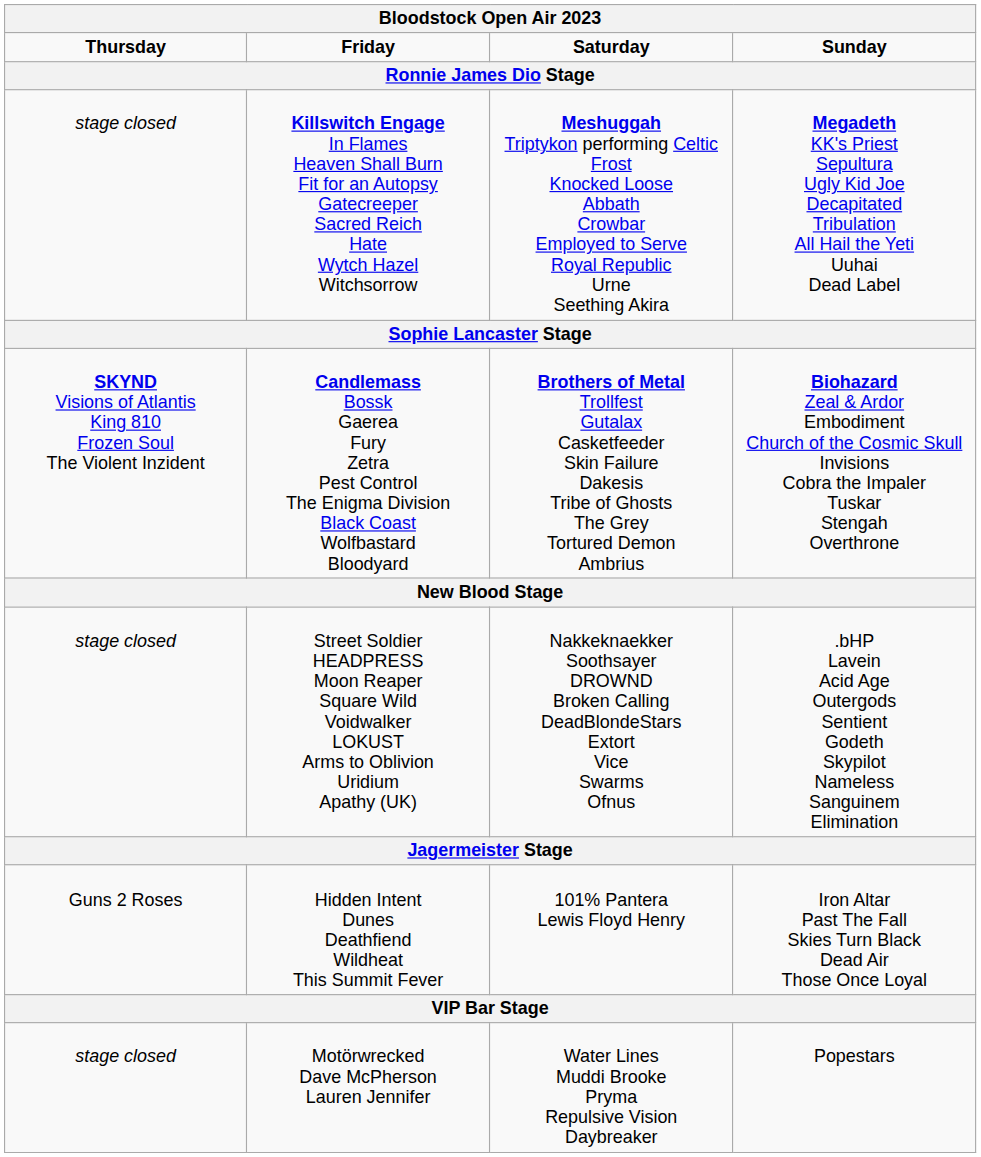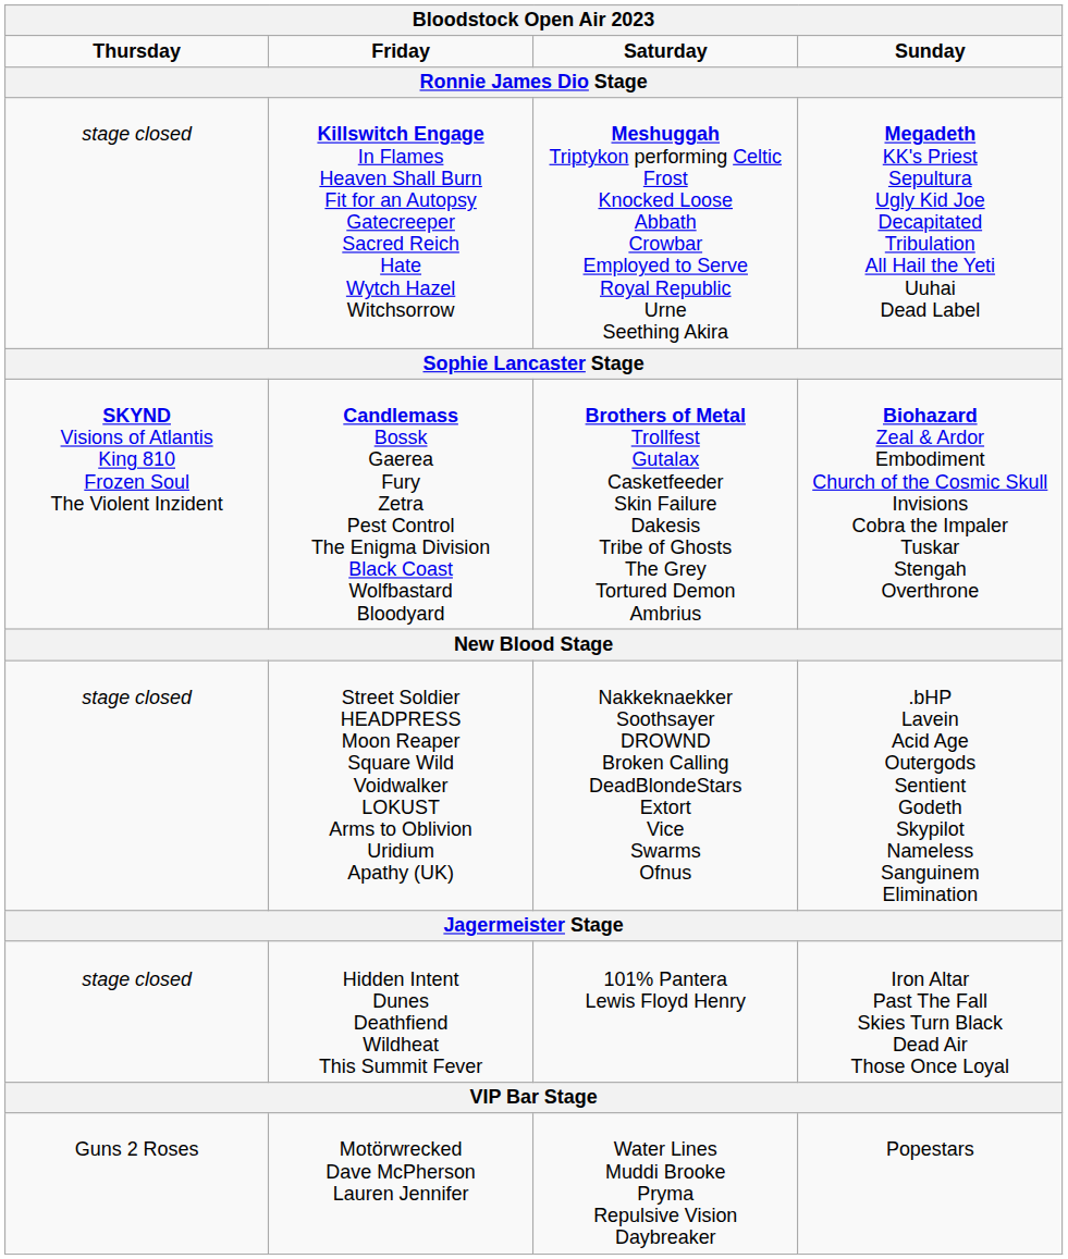 <table class="wikitable">
 <tr>
 <th colspan="4" align="center"><strong>Bloodstock Open Air 2023</strong></th>
 </tr>
 <tr>
 <td align="center"><strong>Thursday</strong></td>
 <td align="center"><strong>Friday</strong></td>
 <td align="center"><strong>Saturday</strong></td>
 <td align="center"><strong>Sunday</strong></td>
 </tr>
 <tr>
 <th colspan="4" align="center"><strong><a href='#'>Ronnie James Dio</a> Stage</strong></th>
 </tr>
 <tr>
 <td valign="top" align="center" width=212><br><em>stage closed</em></td>
 <td valign="top" align="center" width=212><br><strong><a href='#'>Killswitch Engage</a></strong> <br> <a href='#'>In Flames</a> <br> <a href='#'>Heaven Shall Burn</a><br> <a href='#'>Fit for an Autopsy</a> <br> <a href='#'>Gatecreeper</a> <br> <a href='#'>Sacred Reich</a> <br> <a href='#'>Hate</a> <br> <a href='#'>Wytch Hazel</a> <br> Witchsorrow <br></td>
 <td valign="top" align="center" width=212><br><strong><a href='#'>Meshuggah</a></strong> <br> <a href='#'>Triptykon</a> performing <a href='#'>Celtic Frost</a> <br> <a href='#'>Knocked Loose</a> <br> <a href='#'>Abbath</a> <br> <a href='#'>Crowbar</a> <br> <a href='#'>Employed to Serve</a> <br> <a href='#'>Royal Republic</a> <br> Urne <br> Seething Akira <br></td>
 <td valign="top" align="center" width=212><br><strong><a href='#'>Megadeth</a></strong> <br> <a href='#'>KK's Priest</a> <br> <a href='#'>Sepultura</a> <br> <a href='#'>Ugly Kid Joe</a> <br> <a href='#'>Decapitated</a> <br> <a href='#'>Tribulation</a> <br> <a href='#'>All Hail the Yeti</a> <br> Uuhai <br> Dead Label <br></td>
 </tr>
 <tr>
 <th colspan="4" align="center"><strong><a href='#'>Sophie Lancaster</a> Stage</strong></th>
 </tr>
 <tr>
 <td align="center" valign="top" width="212"><br><strong><a href='#'>SKYND</a></strong> <br> <a href='#'>Visions of Atlantis</a> <br> <a href='#'>King 810</a> <br> <a href='#'>Frozen Soul</a> <br> The  Violent Inzident</td>
 <td valign="top" align="center" width=212><br><strong><a href='#'>Candlemass</a></strong> <br> <a href='#'>Bossk</a> <br> Gaerea <br> Fury <br> Zetra <br> Pest Control <br> The Enigma Division <br> <a href='#'>Black Coast</a> <br> Wolfbastard <br> Bloodyard <br></td>
 <td valign="top" align="center" width=212><br><strong><a href='#'>Brothers of Metal</a></strong> <br> <a href='#'>Trollfest</a> <br> <a href='#'>Gutalax</a> <br> Casketfeeder <br> Skin Failure <br> Dakesis <br> Tribe of Ghosts <br> The Grey <br> Tortured Demon <br> Ambrius <br></td>
 <td valign="top" align="center" width=212><br><strong><a href='#'>Biohazard</a></strong> <br> <a href='#'>Zeal & Ardor</a> <br> Embodiment <br> <a href='#'>Church of the Cosmic Skull</a> <br> Invisions <br> Cobra the Impaler <br>  Tuskar <br> Stengah <br> Overthrone <br></td>
 </tr>
 <tr>
 <th colspan="4" align="center"><strong>New Blood Stage</strong></th>
 </tr>
 <tr>
 <td align="center" valign="top" width="212"><br><em>stage closed</em></td>
 <td align="center" valign="top" width="212"><br>Street Soldier <br> HEADPRESS <br> Moon Reaper <br> Square Wild <br> Voidwalker <br> LOKUST <br> Arms to Oblivion <br> Uridium <br> Apathy (UK)</td>
 <td align="center" valign="top" width="212"><br>Nakkeknaekker <br> Soothsayer <br> DROWND <br> Broken Calling <br> DeadBlondeStars <br> Extort <br> Vice <br> Swarms <br> Ofnus <br></td>
 <td align="center" valign="top" width="212"><br>.bHP <br> Lavein <br> Acid Age <br> Outergods <br> Sentient <br> Godeth <br> Skypilot <br> Nameless <br> Sanguinem <br> Elimination <br></td>
 </tr>
 <tr>
 <th colspan="4" align="center"><strong><a href='#'>Jagermeister</a> Stage</strong></th>
 </tr>
 <tr>
-<td align="center" valign="top" width="212"><br>Guns 2 Roses</td>
+<td align="center" valign="top" width="212"><br><em>stage closed</em></td>
 <td align="center" valign="top" width="212"><br>Hidden Intent <br> Dunes <br> Deathfiend <br> Wildheat <br> This Summit Fever <br></td>
 <td align="center" valign="top" width="212"><br>101% Pantera <br> Lewis Floyd Henry</td>
 <td align="center" valign="top" width="212"><br>Iron Altar <br> Past The Fall <br> Skies Turn Black <br> Dead Air <br> Those Once Loyal <br></td>
 </tr>
 <tr>
 <th colspan="4" align="center"><strong>VIP Bar Stage</strong></th>
 </tr>
 <tr>
-<td align="center" valign="top" width="212"><br><em>stage closed</em></td>
+<td align="center" valign="top" width="212"><br>Guns 2 Roses</td>
 <td align="center" valign="top" width="212"><br>Motörwrecked <br> Dave McPherson <br> Lauren Jennifer</td>
 <td align="center" valign="top" width="212"><br>Water Lines <br> Muddi Brooke <br> Pryma <br> Repulsive Vision <br> Daybreaker <br></td>
 <td align="center" valign="top" width="212"><br>Popestars</td>
 </tr>
 </table>
